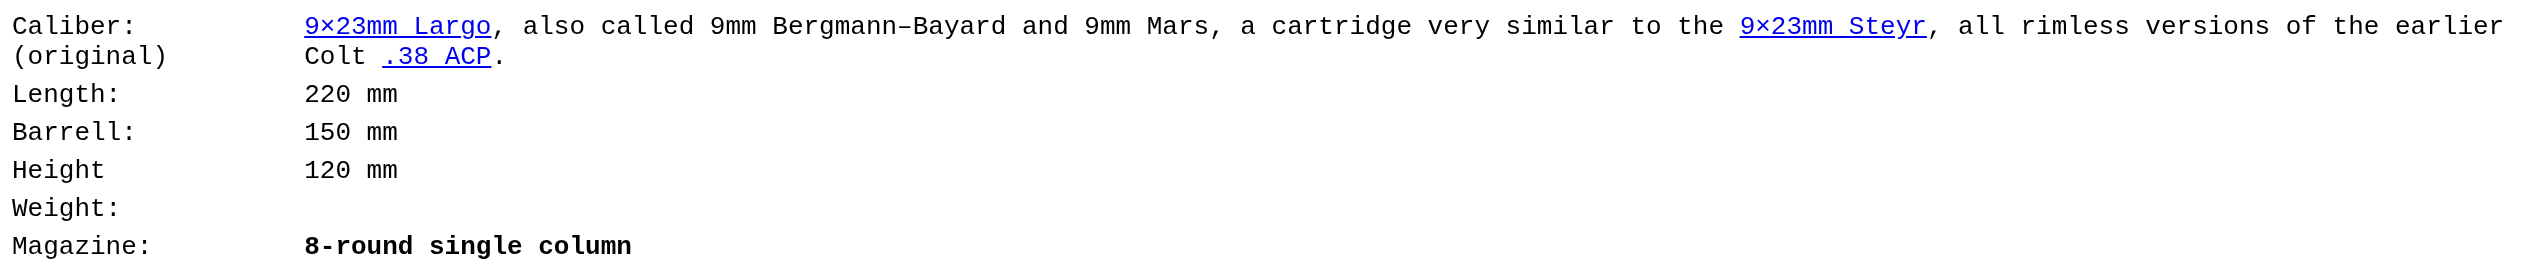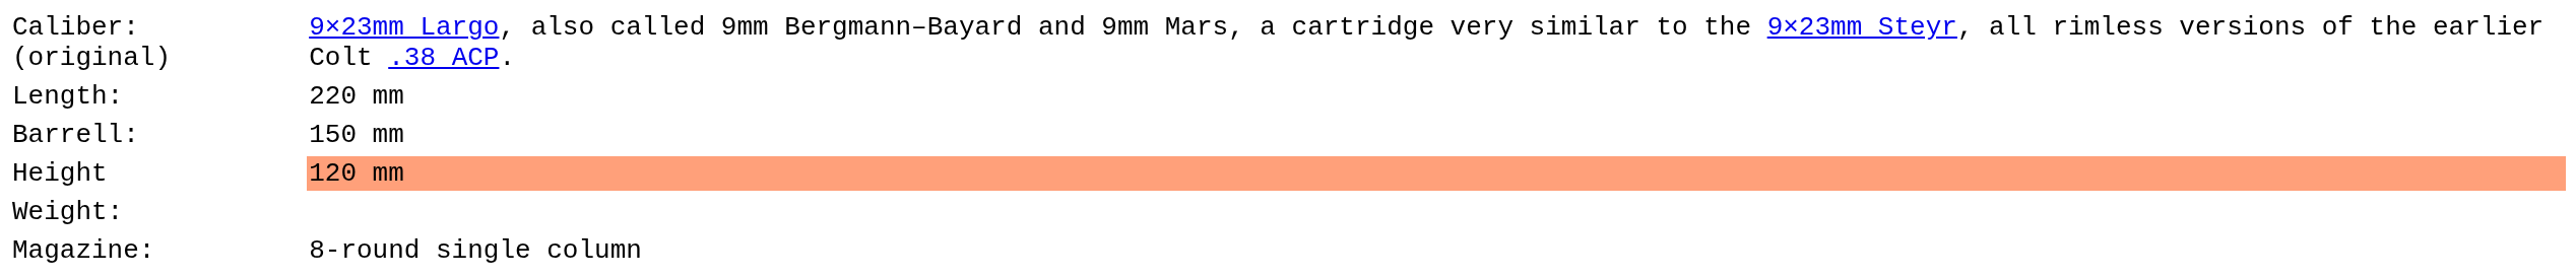 <table style="border:1px solid white; Text-align:top">
 <tr>
 <td>Caliber: (original)</td>
 <td><a href='#'>9×23mm Largo</a>, also called 9mm Bergmann–Bayard and 9mm Mars, a cartridge very similar to the <a href='#'>9×23mm Steyr</a>, all rimless versions of the earlier Colt <a href='#'>.38 ACP</a>.</td>
 </tr>
 <tr>
 <td>Length:</td>
 <td>220 mm</td>
 </tr>
 <tr>
 <td>Barrell:</td>
 <td>150 mm</td>
 </tr>
 <tr>
 <td>Height</td>
-<td>120 mm</td>
+<td style="background: lightsalmon;">120 mm</td>
 </tr>
 <tr>
 <td>Weight:</td>
 <td></td>
 </tr>
 <tr>
 <td>Magazine:</td>
-<td><strong>8-round single column</strong></td>
+<td>8-round single column</td>
 </tr>
 </table>
